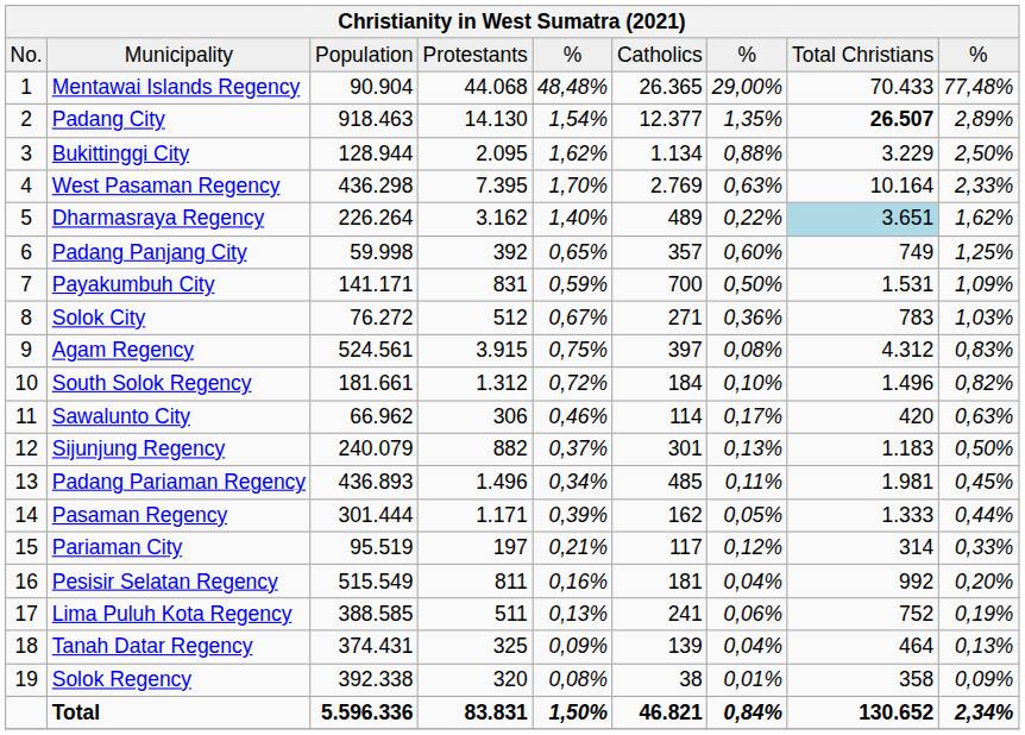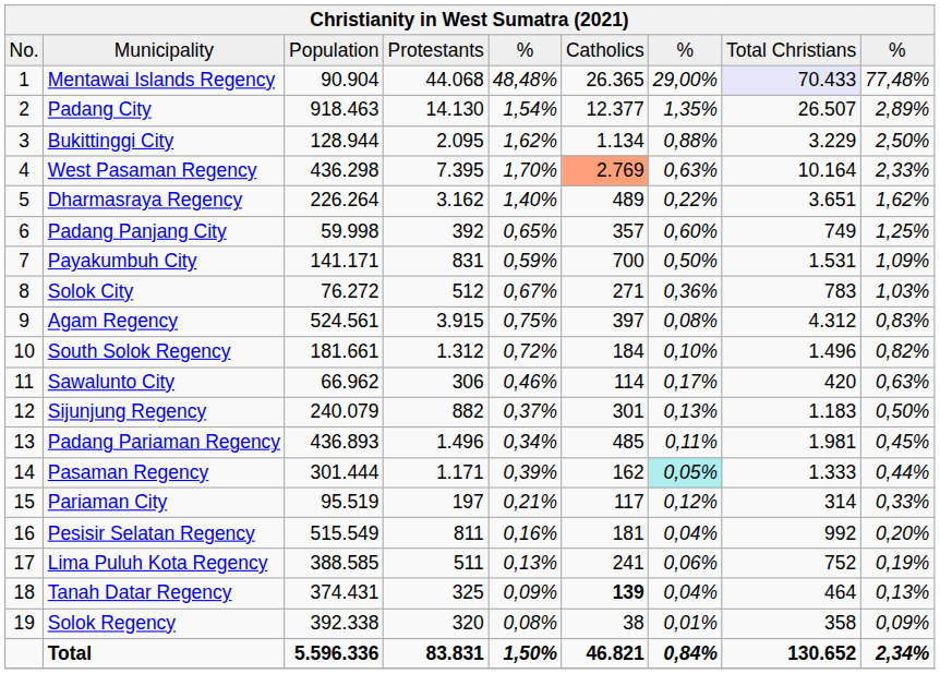 <table class=wikitable>
 <tr style="background:#efefef;">
 <th colspan="9">Christianity in West Sumatra (2021)</th>
 </tr>
 <tr style="background:#efefef;">
 <td style="text-align:center;">No.</td>
 <td style="text-align:center;">Municipality</td>
 <td style="text-align:center;">Population</td>
 <td style="text-align:center;">Protestants</td>
 <td style="text-align:center;">%</td>
 <td style="text-align:center;">Catholics</td>
 <td style="text-align:center;">%</td>
 <td style="text-align:center;">Total Christians</td>
 <td style="text-align:center;">%</td>
 </tr>
 <tr>
 <td style="text-align:center;">1</td>
 <td style="text-align:left;"><a href='#'>Mentawai Islands Regency</a></td>
 <td style="text-align:right;">90.904</td>
 <td style="text-align:right;">44.068</td>
 <td style="text-align:right;"><em>48,48%</em></td>
 <td style="text-align:right;">26.365</td>
 <td style="text-align:right;"><em>29,00%</em></td>
-<td style="text-align:right;">70.433</td>
+<td style="background: lavender; text-align:right;">70.433</td>
 <td style="text-align:right;"><em>77,48%</em></td>
 </tr>
 <tr>
 <td style="text-align:center;">2</td>
 <td style="text-align:left;"><a href='#'>Padang City</a></td>
 <td style="text-align:right;">918.463</td>
 <td style="text-align:right;">14.130</td>
 <td style="text-align:right;"><em>1,54%</em></td>
 <td style="text-align:right;">12.377</td>
 <td style="text-align:right;"><em>1,35%</em></td>
-<td style="text-align:right;"><strong>26.507</strong></td>
+<td style="text-align:right;">26.507</td>
 <td style="text-align:right;"><em>2,89%</em></td>
 </tr>
 <tr>
 <td style="text-align:center;">3</td>
 <td style="text-align:left;"><a href='#'>Bukittinggi City</a></td>
 <td style="text-align:right;">128.944</td>
 <td style="text-align:right;">2.095</td>
 <td style="text-align:right;"><em>1,62%</em></td>
 <td style="text-align:right;">1.134</td>
 <td style="text-align:right;"><em>0,88%</em></td>
 <td style="text-align:right;">3.229</td>
 <td style="text-align:right;"><em>2,50%</em></td>
 </tr>
 <tr>
 <td style="text-align:center;">4</td>
 <td style="text-align:left;"><a href='#'>West Pasaman Regency</a></td>
 <td style="text-align:right;">436.298</td>
 <td style="text-align:right;">7.395</td>
 <td style="text-align:right;"><em>1,70%</em></td>
-<td style="text-align:right;">2.769</td>
+<td style="background: lightsalmon; text-align:right;">2.769</td>
 <td style="text-align:right;"><em>0,63%</em></td>
 <td style="text-align:right;">10.164</td>
 <td style="text-align:right;"><em>2,33%</em></td>
 </tr>
 <tr>
 <td style="text-align:center;">5</td>
 <td style="text-align:left;"><a href='#'>Dharmasraya Regency</a></td>
 <td style="text-align:right;">226.264</td>
 <td style="text-align:right;">3.162</td>
 <td style="text-align:right;"><em>1,40%</em></td>
 <td style="text-align:right;">489</td>
 <td style="text-align:right;"><em>0,22%</em></td>
-<td style="background: lightblue; text-align:right;">3.651</td>
+<td style="text-align:right;">3.651</td>
 <td style="text-align:right;"><em>1,62%</em></td>
 </tr>
 <tr>
 <td style="text-align:center;">6</td>
 <td style="text-align:left;"><a href='#'>Padang Panjang City</a></td>
 <td style="text-align:right;">59.998</td>
 <td style="text-align:right;">392</td>
 <td style="text-align:right;"><em>0,65%</em></td>
 <td style="text-align:right;">357</td>
 <td style="text-align:right;"><em>0,60%</em></td>
 <td style="text-align:right;">749</td>
 <td style="text-align:right;"><em>1,25%</em></td>
 </tr>
 <tr>
 <td style="text-align:center;">7</td>
 <td style="text-align:left;"><a href='#'>Payakumbuh City</a></td>
 <td style="text-align:right;">141.171</td>
 <td style="text-align:right;">831</td>
 <td style="text-align:right;"><em>0,59%</em></td>
 <td style="text-align:right;">700</td>
 <td style="text-align:right;"><em>0,50%</em></td>
 <td style="text-align:right;">1.531</td>
 <td style="text-align:right;"><em>1,09%</em></td>
 </tr>
 <tr>
 <td style="text-align:center;">8</td>
 <td style="text-align:left;"><a href='#'>Solok City</a></td>
 <td style="text-align:right;">76.272</td>
 <td style="text-align:right;">512</td>
 <td style="text-align:right;"><em>0,67%</em></td>
 <td style="text-align:right;">271</td>
 <td style="text-align:right;"><em>0,36%</em></td>
 <td style="text-align:right;">783</td>
 <td style="text-align:right;"><em>1,03%</em></td>
 </tr>
 <tr>
 <td style="text-align:center;">9</td>
 <td style="text-align:left;"><a href='#'>Agam Regency</a></td>
 <td style="text-align:right;">524.561</td>
 <td style="text-align:right;">3.915</td>
 <td style="text-align:right;"><em>0,75%</em></td>
 <td style="text-align:right;">397</td>
 <td style="text-align:right;"><em>0,08%</em></td>
 <td style="text-align:right;">4.312</td>
 <td style="text-align:right;"><em>0,83%</em></td>
 </tr>
 <tr>
 <td style="text-align:center;">10</td>
 <td style="text-align:left;"><a href='#'>South Solok Regency</a></td>
 <td style="text-align:right;">181.661</td>
 <td style="text-align:right;">1.312</td>
 <td style="text-align:right;"><em>0,72%</em></td>
 <td style="text-align:right;">184</td>
 <td style="text-align:right;"><em>0,10%</em></td>
 <td style="text-align:right;">1.496</td>
 <td style="text-align:right;"><em>0,82%</em></td>
 </tr>
 <tr>
 <td style="text-align:center;">11</td>
 <td style="text-align:left;"><a href='#'>Sawalunto City</a></td>
 <td style="text-align:right;">66.962</td>
 <td style="text-align:right;">306</td>
 <td style="text-align:right;"><em>0,46%</em></td>
 <td style="text-align:right;">114</td>
 <td style="text-align:right;"><em>0,17%</em></td>
 <td style="text-align:right;">420</td>
 <td style="text-align:right;"><em>0,63%</em></td>
 </tr>
 <tr>
 <td style="text-align:center;">12</td>
 <td style="text-align:left;"><a href='#'>Sijunjung Regency</a></td>
 <td style="text-align:right;">240.079</td>
 <td style="text-align:right;">882</td>
 <td style="text-align:right;"><em>0,37%</em></td>
 <td style="text-align:right;">301</td>
 <td style="text-align:right;"><em>0,13%</em></td>
 <td style="text-align:right;">1.183</td>
 <td style="text-align:right;"><em>0,50%</em></td>
 </tr>
 <tr>
 <td style="text-align:center;">13</td>
 <td style="text-align:left;"><a href='#'>Padang Pariaman Regency</a></td>
 <td style="text-align:right;">436.893</td>
 <td style="text-align:right;">1.496</td>
 <td style="text-align:right;"><em>0,34%</em></td>
 <td style="text-align:right;">485</td>
 <td style="text-align:right;"><em>0,11%</em></td>
 <td style="text-align:right;">1.981</td>
 <td style="text-align:right;"><em>0,45%</em></td>
 </tr>
 <tr>
 <td style="text-align:center;">14</td>
 <td style="text-align:left;"><a href='#'>Pasaman Regency</a></td>
 <td style="text-align:right;">301.444</td>
 <td style="text-align:right;">1.171</td>
 <td style="text-align:right;"><em>0,39%</em></td>
 <td style="text-align:right;">162</td>
-<td style="text-align:right;"><em>0,05%</em></td>
+<td style="background: paleturquoise; text-align:right;"><em>0,05%</em></td>
 <td style="text-align:right;">1.333</td>
 <td style="text-align:right;"><em>0,44%</em></td>
 </tr>
 <tr>
 <td style="text-align:center;">15</td>
 <td style="text-align:left;"><a href='#'>Pariaman City</a></td>
 <td style="text-align:right;">95.519</td>
 <td style="text-align:right;">197</td>
 <td style="text-align:right;"><em>0,21%</em></td>
 <td style="text-align:right;">117</td>
 <td style="text-align:right;"><em>0,12%</em></td>
 <td style="text-align:right;">314</td>
 <td style="text-align:right;"><em>0,33%</em></td>
 </tr>
 <tr>
 <td style="text-align:center;">16</td>
 <td style="text-align:left;"><a href='#'>Pesisir Selatan Regency</a></td>
 <td style="text-align:right;">515.549</td>
 <td style="text-align:right;">811</td>
 <td style="text-align:right;"><em>0,16%</em></td>
 <td style="text-align:right;">181</td>
 <td style="text-align:right;"><em>0,04%</em></td>
 <td style="text-align:right;">992</td>
 <td style="text-align:right;"><em>0,20%</em></td>
 </tr>
 <tr>
 <td style="text-align:center;">17</td>
 <td style="text-align:left;"><a href='#'>Lima Puluh Kota Regency</a></td>
 <td style="text-align:right;">388.585</td>
 <td style="text-align:right;">511</td>
 <td style="text-align:right;"><em>0,13%</em></td>
 <td style="text-align:right;">241</td>
 <td style="text-align:right;"><em>0,06%</em></td>
 <td style="text-align:right;">752</td>
 <td style="text-align:right;"><em>0,19%</em></td>
 </tr>
 <tr>
 <td style="text-align:center;">18</td>
 <td style="text-align:left;"><a href='#'>Tanah Datar Regency</a></td>
 <td style="text-align:right;">374.431</td>
 <td style="text-align:right;">325</td>
 <td style="text-align:right;"><em>0,09%</em></td>
-<td style="text-align:right;">139</td>
+<td style="text-align:right;"><strong>139</strong></td>
 <td style="text-align:right;"><em>0,04%</em></td>
 <td style="text-align:right;">464</td>
 <td style="text-align:right;"><em>0,13%</em></td>
 </tr>
 <tr>
 <td style="text-align:center;">19</td>
 <td style="text-align:left;"><a href='#'>Solok Regency</a></td>
 <td style="text-align:right;">392.338</td>
 <td style="text-align:right;">320</td>
 <td style="text-align:right;"><em>0,08%</em></td>
 <td style="text-align:right;">38</td>
 <td style="text-align:right;"><em>0,01%</em></td>
 <td style="text-align:right;">358</td>
 <td style="text-align:right;"><em>0,09%</em></td>
 </tr>
 <tr>
 <td style="text-align:center;"></td>
 <td style="text-align:left;"><strong>Total</strong></td>
 <td style="text-align:right;"><strong>5.596.336</strong></td>
 <td style="text-align:right;"><strong>83.831</strong></td>
 <td style="text-align:right;"><em> <strong>1,50%</strong> </em></td>
 <td style="text-align:right;"><strong>46.821</strong></td>
 <td style="text-align:right;"><em> <strong>0,84%</strong> </em></td>
 <td style="text-align:right;"><strong>130.652</strong></td>
 <td style="text-align:right;"><em> <strong>2,34%</strong> </em></td>
 </tr>
 <tr>
 </tr>
 </table>
